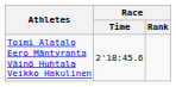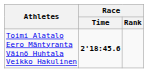 <table class="wikitable" border="1" style="font-size:90%">
 <tr>
 <th rowspan=2>Athletes</th>
 <th colspan=2>Race</th>
 </tr>
 <tr>
 <th>Time</th>
 <th>Rank</th>
 </tr>
 <tr>
 <td><a href='#'>Toimi Alatalo</a><br><a href='#'>Eero Mäntyranta</a><br><a href='#'>Väinö Huhtala</a><br><a href='#'>Veikko Hakulinen</a></td>
-<td align=center>2'18:45.6</td>
+<td align=center><strong>2'18:45.6</strong></td>
 <td align=center></td>
 </tr>
 </table>
